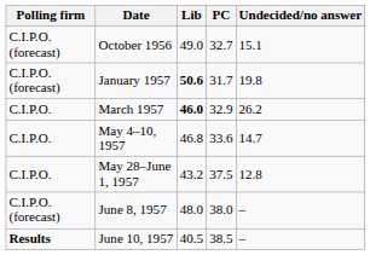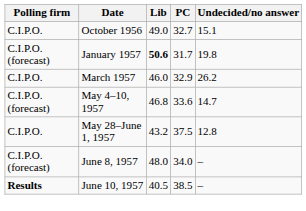 <table class="wikitable" style="float: right; margin-left: 1em; margin-right: 0;">
 <tr>
 <th width="100">Polling firm</th>
 <th width="90">Date</th>
 <th>Lib</th>
 <th>PC</th>
 <th>Undecided/no answer</th>
 </tr>
 <tr>
-<td>C.I.P.O. (forecast)</td>
+<td>C.I.P.O.</td>
 <td>October 1956</td>
 <td>49.0</td>
 <td>32.7</td>
 <td>15.1</td>
 </tr>
 <tr>
 <td>C.I.P.O. (forecast)</td>
 <td>January 1957</td>
 <td><strong>50.6</strong></td>
 <td>31.7</td>
 <td>19.8</td>
 </tr>
 <tr>
 <td>C.I.P.O.</td>
 <td>March 1957</td>
-<td><strong>46.0</strong></td>
+<td>46.0</td>
 <td>32.9</td>
 <td>26.2</td>
 </tr>
 <tr>
-<td>C.I.P.O.</td>
+<td>C.I.P.O. (forecast)</td>
 <td>May 4–10, 1957</td>
 <td>46.8</td>
 <td>33.6</td>
 <td>14.7</td>
 </tr>
 <tr>
 <td>C.I.P.O.</td>
 <td>May 28–June 1, 1957</td>
 <td>43.2</td>
 <td>37.5</td>
 <td>12.8</td>
 </tr>
 <tr>
 <td>C.I.P.O. (forecast)</td>
 <td>June 8, 1957</td>
 <td>48.0</td>
-<td>38.0</td>
+<td>34.0</td>
 <td>–</td>
 </tr>
 <tr>
 <td><strong>Results</strong></td>
 <td>June 10, 1957</td>
 <td>40.5</td>
 <td>38.5</td>
 <td>–</td>
 </tr>
 </table>
